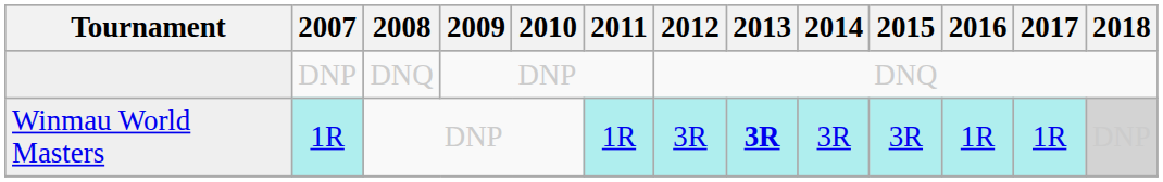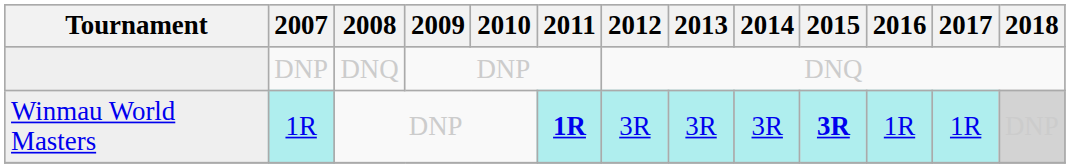 <table class="wikitable" style="width:50%; margin:0">
 <tr>
 <th>Tournament</th>
 <th>2007</th>
 <th>2008</th>
 <th>2009</th>
 <th>2010</th>
 <th>2011</th>
 <th>2012</th>
 <th>2013</th>
 <th>2014</th>
 <th>2015</th>
 <th>2016</th>
 <th>2017</th>
 <th>2018</th>
 </tr>
 <tr>
 <td style="background:#efefef;"></td>
 <td colspan="1" style="text-align:center; color:#ccc;">DNP</td>
 <td colspan="1" style="text-align:center; color:#ccc;">DNQ</td>
 <td colspan="3" style="text-align:center; color:#ccc;">DNP</td>
 <td colspan="7" style="text-align:center; color:#ccc;">DNQ</td>
 </tr>
 <tr>
 <td style="background:#efefef;"><a href='#'>Winmau World Masters</a></td>
 <td style="text-align:center; background:#afeeee;"><a href='#'>1R</a></td>
 <td colspan="3" style="text-align:center; color:#ccc;">DNP</td>
-<td style="text-align:center; background:#afeeee;"><a href='#'>1R</a></td>
+<td style="text-align:center; background:#afeeee;"><strong><a href='#'>1R</a></strong></td>
+<td style="text-align:center; background:#afeeee;"><a href='#'>3R</a></td>
+<td style="text-align:center; background:#afeeee;"><a href='#'>3R</a></td>
 <td style="text-align:center; background:#afeeee;"><a href='#'>3R</a></td>
 <td style="text-align:center; background:#afeeee;"><strong><a href='#'>3R</a></strong></td>
-<td style="text-align:center; background:#afeeee;"><a href='#'>3R</a></td>
-<td style="text-align:center; background:#afeeee;"><a href='#'>3R</a></td>
 <td style="text-align:center; background:#afeeee;"><a href='#'>1R</a></td>
 <td style="text-align:center; background:#afeeee;"><a href='#'>1R</a></td>
 <td colspan="1" style="background: lightgrey; text-align:center; color:#ccc;">DNP</td>
 </tr>
 <tr>
 </tr>
 </table>
